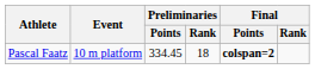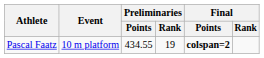 <table class="wikitable" style="text-align:center; font-size:90%">
 <tr>
 <th rowspan=2>Athlete</th>
 <th rowspan=2>Event</th>
 <th colspan=2>Preliminaries</th>
 <th colspan=2>Final</th>
 </tr>
 <tr style="font-size:95%">
 <th>Points</th>
 <th>Rank</th>
 <th>Points</th>
 <th>Rank</th>
 </tr>
 <tr>
 <td align=left><a href='#'>Pascal Faatz</a></td>
 <td style="text-align:left;"><a href='#'>10 m platform</a></td>
-<td>334.45</td>
-<td>18</td>
+<td>434.55</td>
+<td>19</td>
 <td><strong>colspan=2 </strong></td>
 </tr>
 </table>
